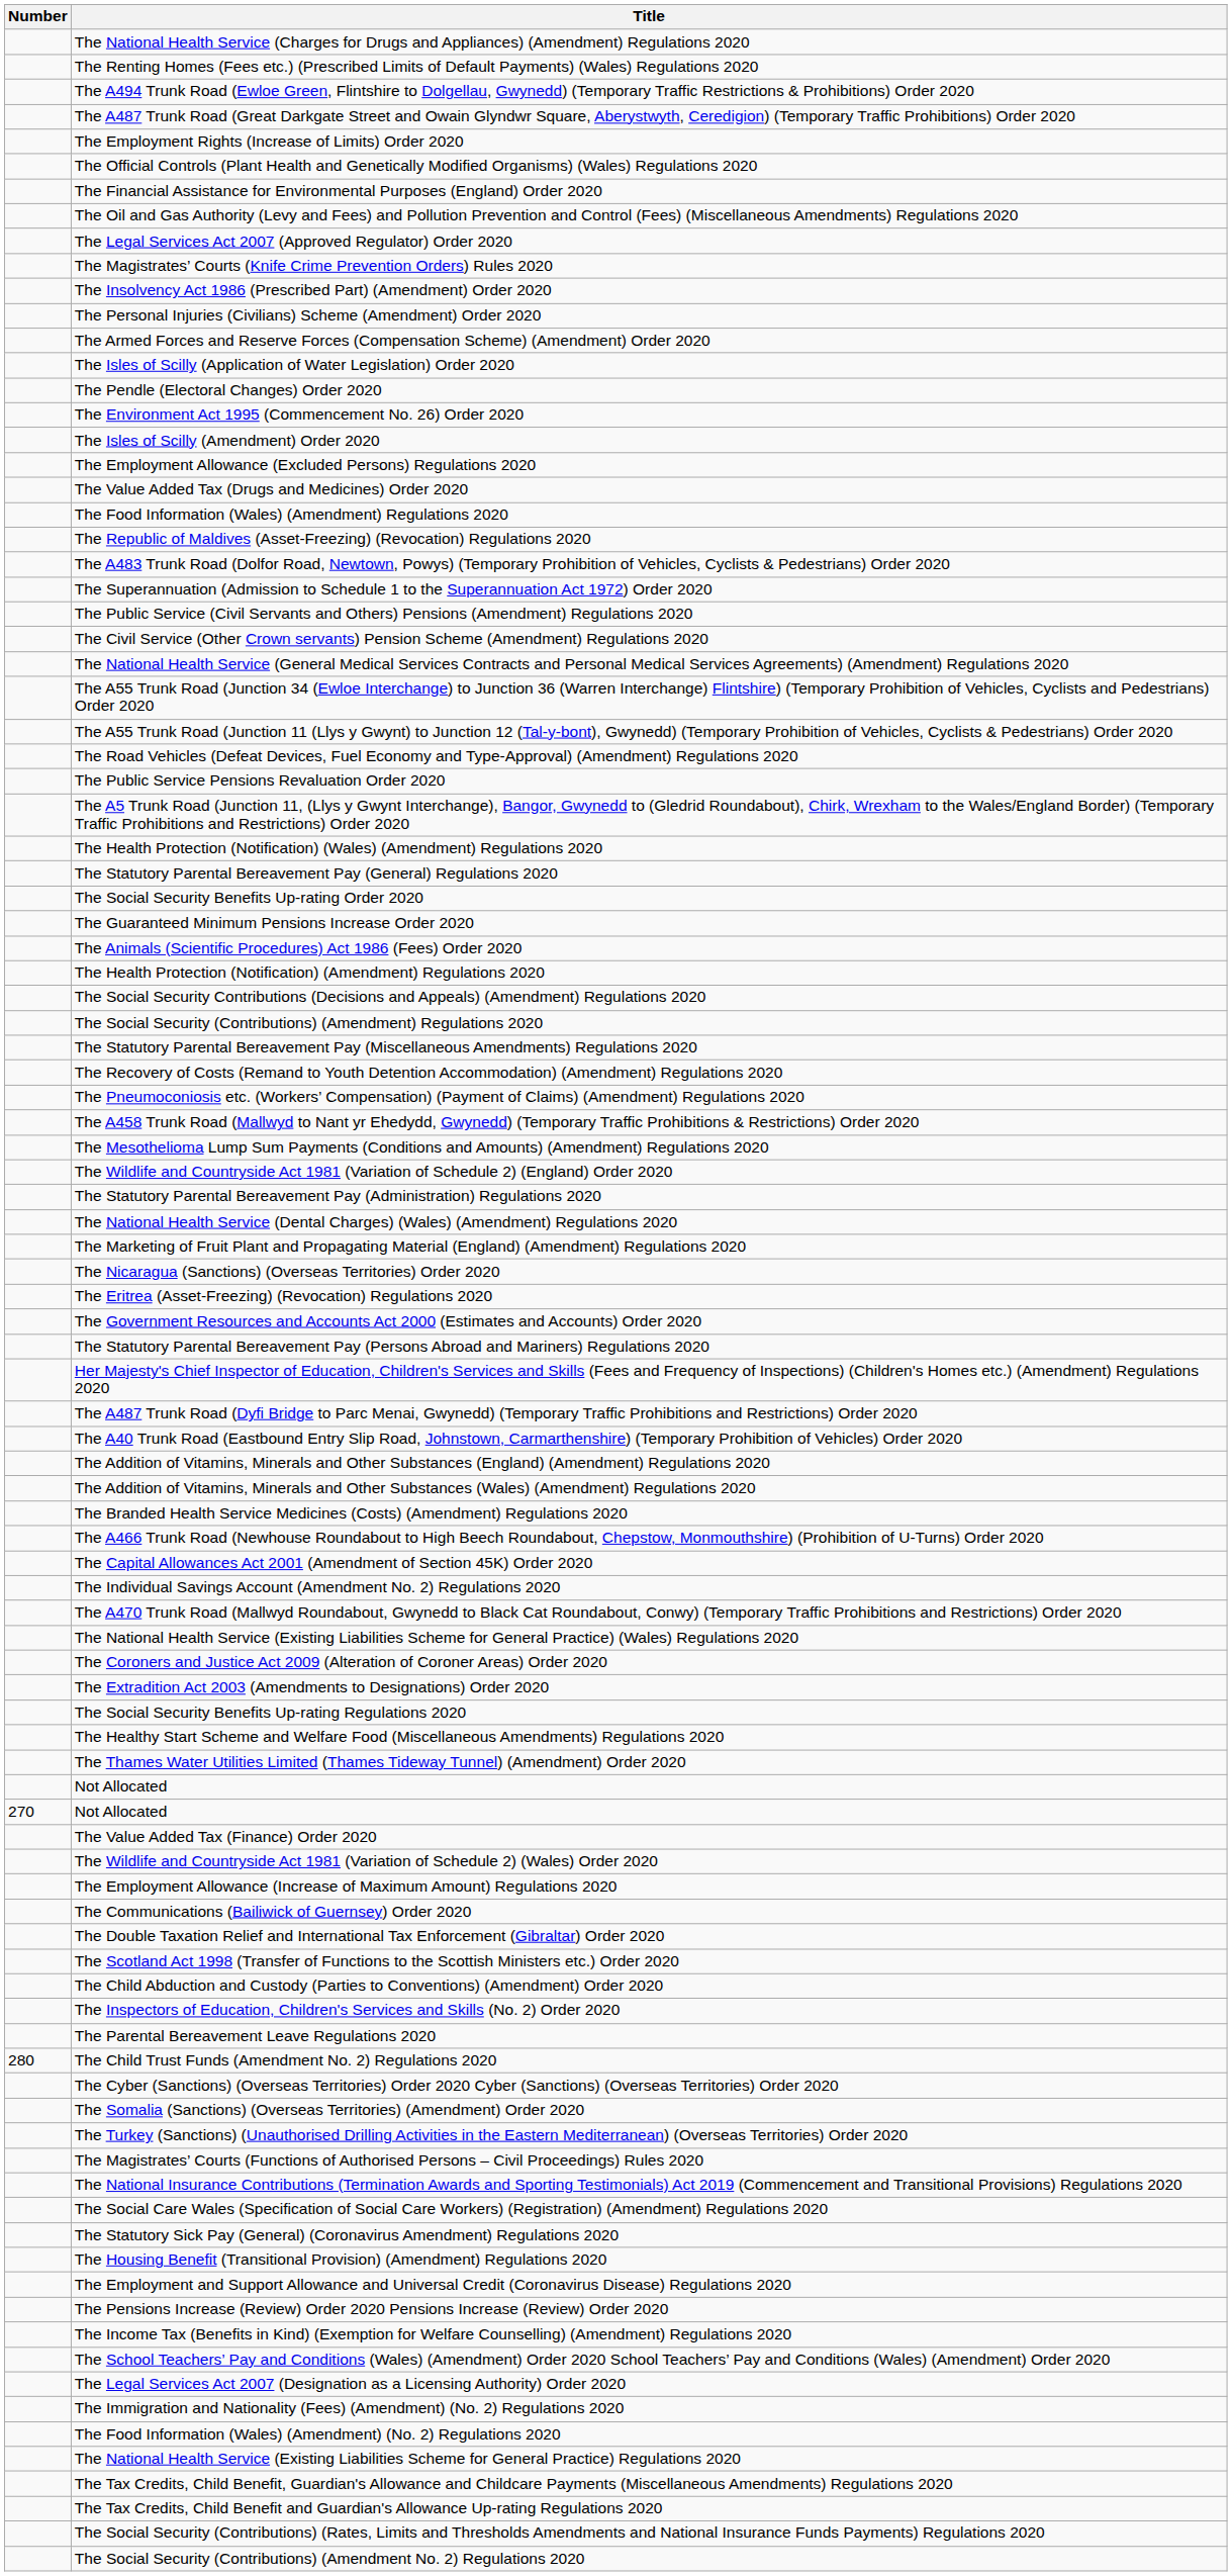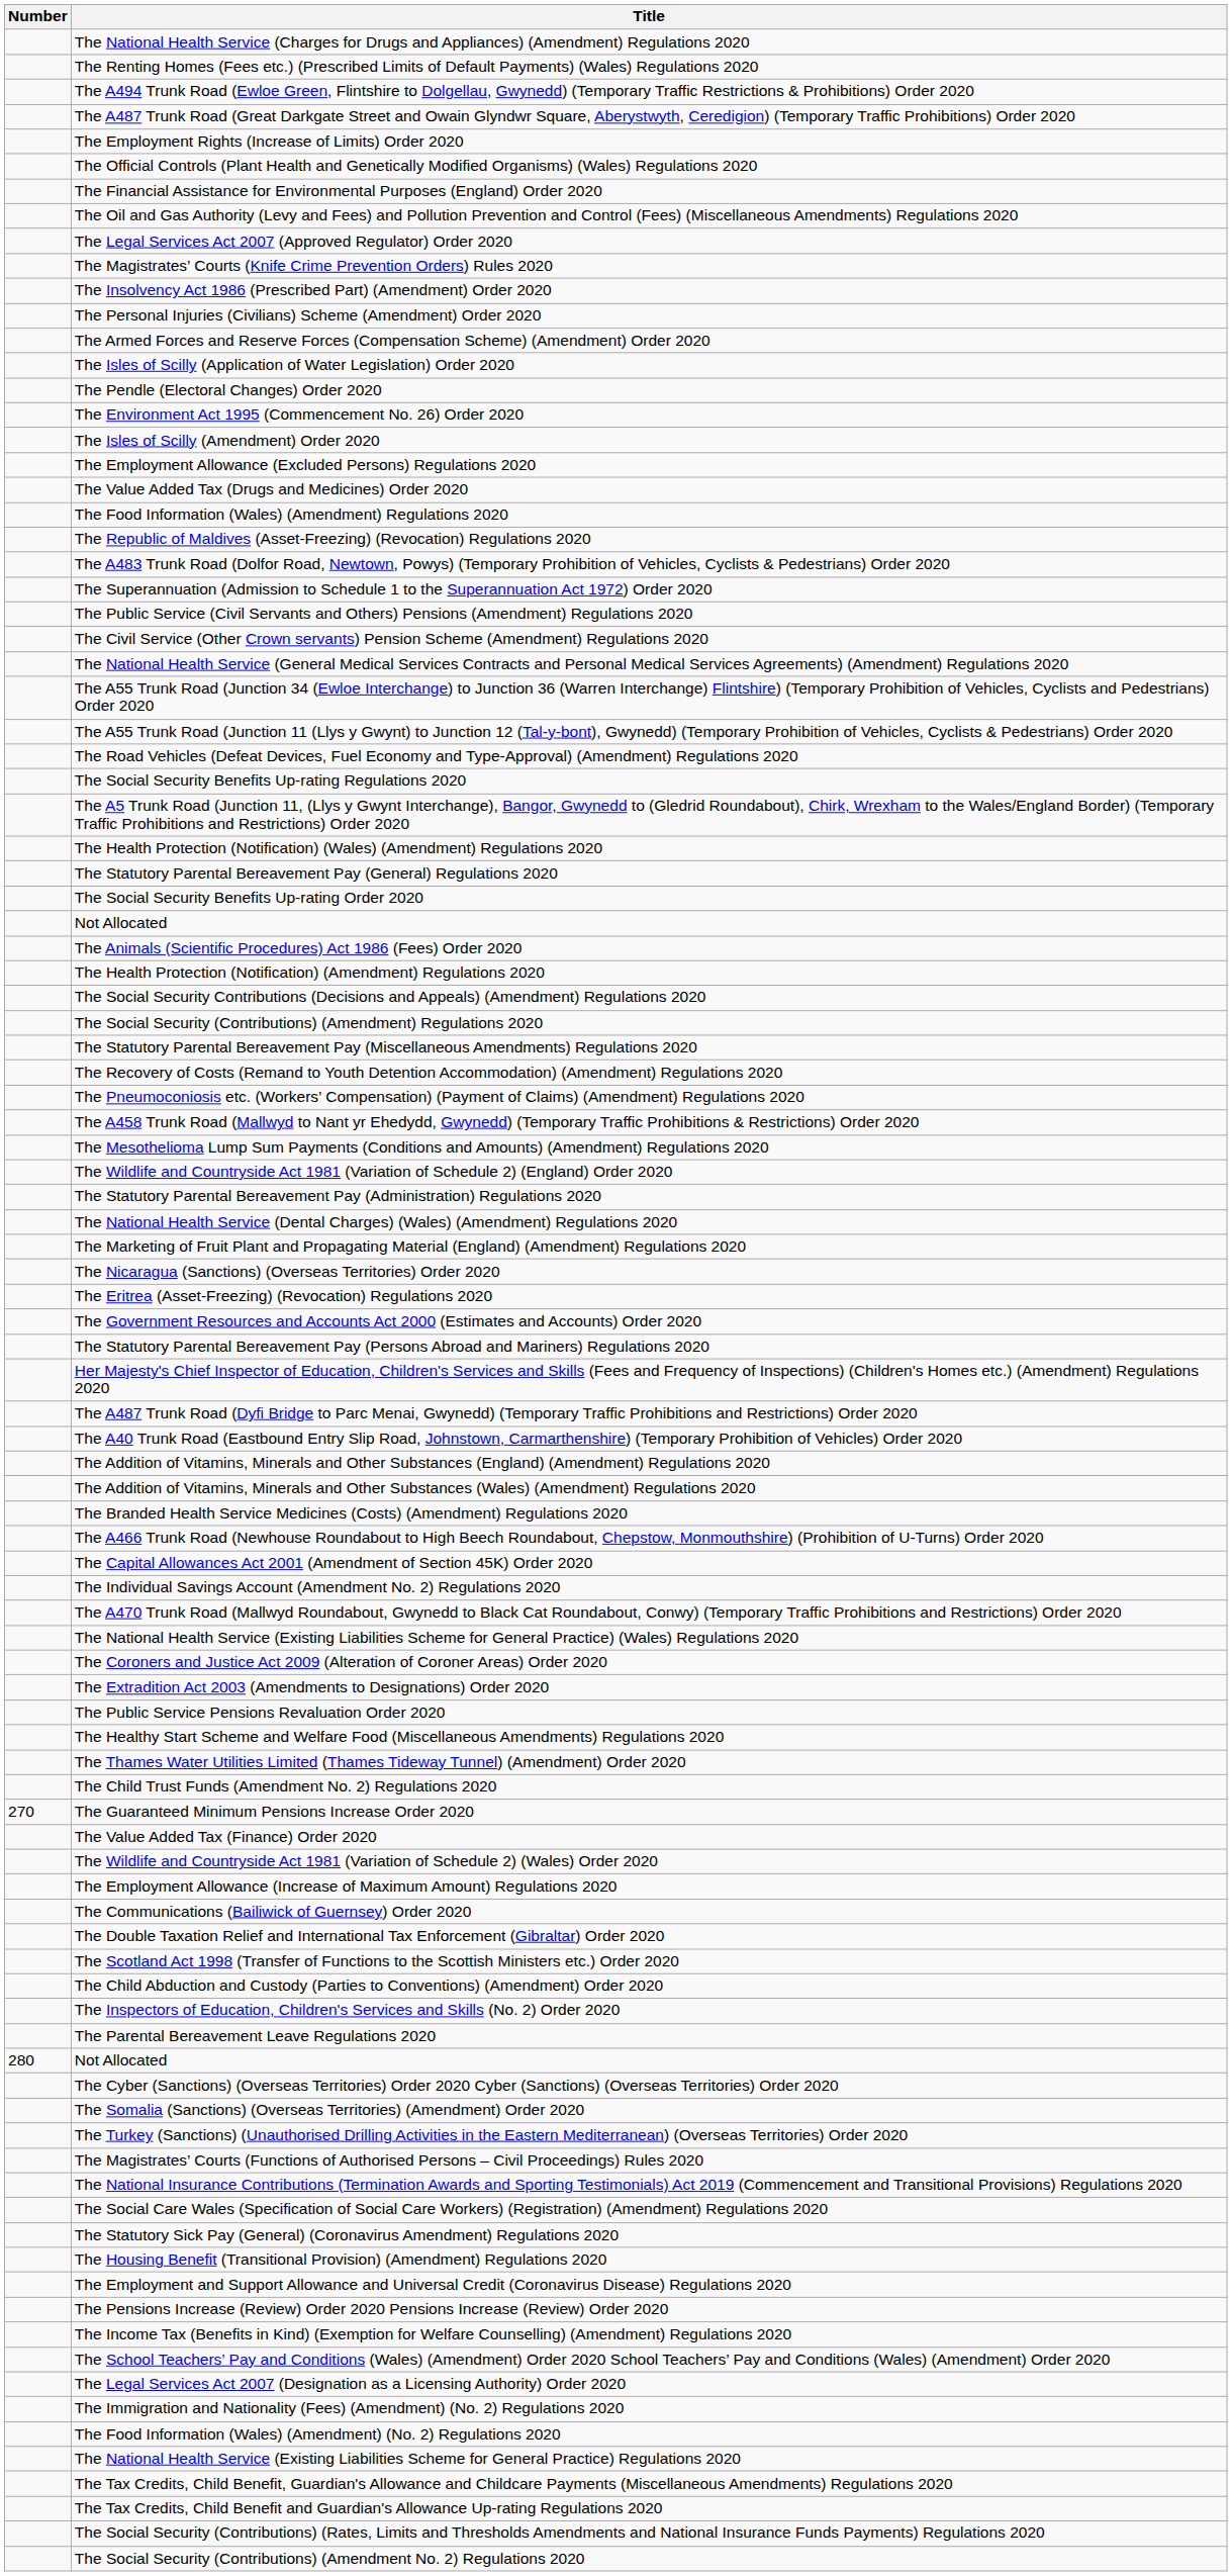 <table class="wikitable collapsible collapsed">
 <tr>
 <th>Number</th>
 <th>Title</th>
 </tr>
 <tr>
 <td></td>
 <td>The <a href='#'>National Health Service</a> (Charges for Drugs and Appliances) (Amendment) Regulations 2020</td>
 </tr>
 <tr>
 <td></td>
 <td>The Renting Homes (Fees etc.) (Prescribed Limits of Default Payments) (Wales) Regulations 2020</td>
 </tr>
 <tr>
 <td></td>
 <td>The <a href='#'>A494</a> Trunk Road (<a href='#'>Ewloe Green</a>, Flintshire to <a href='#'>Dolgellau</a>, <a href='#'>Gwynedd</a>) (Temporary Traffic Restrictions & Prohibitions) Order 2020</td>
 </tr>
 <tr>
 <td></td>
 <td>The <a href='#'>A487</a> Trunk Road (Great Darkgate Street and Owain Glyndwr Square, <a href='#'>Aberystwyth</a>, <a href='#'>Ceredigion</a>) (Temporary Traffic Prohibitions) Order 2020</td>
 </tr>
 <tr>
 <td></td>
 <td>The Employment Rights (Increase of Limits) Order 2020</td>
 </tr>
 <tr>
 <td></td>
 <td>The Official Controls (Plant Health and Genetically Modified Organisms) (Wales) Regulations 2020</td>
 </tr>
 <tr>
 <td></td>
 <td>The Financial Assistance for Environmental Purposes (England) Order 2020</td>
 </tr>
 <tr>
 <td></td>
 <td>The Oil and Gas Authority (Levy and Fees) and Pollution Prevention and Control (Fees) (Miscellaneous Amendments) Regulations 2020</td>
 </tr>
 <tr>
 <td></td>
 <td>The <a href='#'>Legal Services Act 2007</a> (Approved Regulator) Order 2020</td>
 </tr>
 <tr>
 <td></td>
 <td>The Magistrates’ Courts (<a href='#'>Knife Crime Prevention Orders</a>) Rules 2020</td>
 </tr>
 <tr>
 <td></td>
 <td>The <a href='#'>Insolvency Act 1986</a> (Prescribed Part) (Amendment) Order 2020</td>
 </tr>
 <tr>
 <td></td>
 <td>The Personal Injuries (Civilians) Scheme (Amendment) Order 2020</td>
 </tr>
 <tr>
 <td></td>
 <td>The Armed Forces and Reserve Forces (Compensation Scheme) (Amendment) Order 2020</td>
 </tr>
 <tr>
 <td></td>
 <td>The <a href='#'>Isles of Scilly</a> (Application of Water Legislation) Order 2020</td>
 </tr>
 <tr>
 <td></td>
 <td>The Pendle (Electoral Changes) Order 2020</td>
 </tr>
 <tr>
 <td></td>
 <td>The <a href='#'>Environment Act 1995</a> (Commencement No. 26) Order 2020</td>
 </tr>
 <tr>
 <td></td>
 <td>The <a href='#'>Isles of Scilly</a> (Amendment) Order 2020</td>
 </tr>
 <tr>
 <td></td>
 <td>The Employment Allowance (Excluded Persons) Regulations 2020</td>
 </tr>
 <tr>
 <td></td>
 <td>The Value Added Tax (Drugs and Medicines) Order 2020</td>
 </tr>
 <tr>
 <td></td>
 <td>The Food Information (Wales) (Amendment) Regulations 2020</td>
 </tr>
 <tr>
 <td></td>
 <td>The <a href='#'>Republic of Maldives</a> (Asset-Freezing) (Revocation) Regulations 2020</td>
 </tr>
 <tr>
 <td></td>
 <td>The <a href='#'>A483</a> Trunk Road (Dolfor Road, <a href='#'>Newtown</a>, Powys) (Temporary Prohibition of Vehicles, Cyclists & Pedestrians) Order 2020</td>
 </tr>
 <tr>
 <td></td>
 <td>The Superannuation (Admission to Schedule 1 to the <a href='#'>Superannuation Act 1972</a>) Order 2020</td>
 </tr>
 <tr>
 <td></td>
 <td>The Public Service (Civil Servants and Others) Pensions (Amendment) Regulations 2020</td>
 </tr>
 <tr>
 <td></td>
 <td>The Civil Service (Other <a href='#'>Crown servants</a>) Pension Scheme (Amendment) Regulations 2020</td>
 </tr>
 <tr>
 <td></td>
 <td>The <a href='#'>National Health Service</a> (General Medical Services Contracts and Personal Medical Services Agreements) (Amendment) Regulations 2020</td>
 </tr>
 <tr>
 <td></td>
 <td>The A55 Trunk Road (Junction 34 (<a href='#'>Ewloe Interchange</a>) to Junction 36 (Warren Interchange) <a href='#'>Flintshire</a>) (Temporary Prohibition of Vehicles, Cyclists and Pedestrians) Order 2020</td>
 </tr>
 <tr>
 <td></td>
 <td>The A55 Trunk Road (Junction 11 (Llys y Gwynt) to Junction 12 (<a href='#'>Tal-y-bont</a>), Gwynedd) (Temporary Prohibition of Vehicles, Cyclists & Pedestrians) Order 2020</td>
 </tr>
 <tr>
 <td></td>
 <td>The Road Vehicles (Defeat Devices, Fuel Economy and Type-Approval) (Amendment) Regulations 2020</td>
 </tr>
 <tr>
 <td></td>
-<td>The Public Service Pensions Revaluation Order 2020</td>
+<td>The Social Security Benefits Up-rating Regulations 2020</td>
 </tr>
 <tr>
 <td></td>
 <td>The <a href='#'>A5</a> Trunk Road (Junction 11, (Llys y Gwynt Interchange), <a href='#'>Bangor, Gwynedd</a> to (Gledrid Roundabout), <a href='#'>Chirk, Wrexham</a> to the Wales/England Border) (Temporary Traffic Prohibitions and Restrictions) Order 2020</td>
 </tr>
 <tr>
 <td></td>
 <td>The Health Protection (Notification) (Wales) (Amendment) Regulations 2020</td>
 </tr>
 <tr>
 <td></td>
 <td>The Statutory Parental Bereavement Pay (General) Regulations 2020</td>
 </tr>
 <tr>
 <td></td>
 <td>The Social Security Benefits Up-rating Order 2020</td>
 </tr>
 <tr>
 <td></td>
-<td>The Guaranteed Minimum Pensions Increase Order 2020</td>
+<td>Not Allocated</td>
 </tr>
 <tr>
 <td></td>
 <td>The <a href='#'>Animals (Scientific Procedures) Act 1986</a> (Fees) Order 2020</td>
 </tr>
 <tr>
 <td></td>
 <td>The Health Protection (Notification) (Amendment) Regulations 2020</td>
 </tr>
 <tr>
 <td></td>
 <td>The Social Security Contributions (Decisions and Appeals) (Amendment) Regulations 2020</td>
 </tr>
 <tr>
 <td></td>
 <td>The Social Security (Contributions) (Amendment) Regulations 2020</td>
 </tr>
 <tr>
 <td></td>
 <td>The Statutory Parental Bereavement Pay (Miscellaneous Amendments) Regulations 2020</td>
 </tr>
 <tr>
 <td></td>
 <td>The Recovery of Costs (Remand to Youth Detention Accommodation) (Amendment) Regulations 2020</td>
 </tr>
 <tr>
 <td></td>
 <td>The <a href='#'>Pneumoconiosis</a> etc. (Workers’ Compensation) (Payment of Claims) (Amendment) Regulations 2020</td>
 </tr>
 <tr>
 <td></td>
 <td>The <a href='#'>A458</a> Trunk Road (<a href='#'>Mallwyd</a> to Nant yr Ehedydd, <a href='#'>Gwynedd</a>) (Temporary Traffic Prohibitions & Restrictions) Order 2020</td>
 </tr>
 <tr>
 <td></td>
 <td>The <a href='#'>Mesothelioma</a> Lump Sum Payments (Conditions and Amounts) (Amendment) Regulations 2020</td>
 </tr>
 <tr>
 <td></td>
 <td>The <a href='#'>Wildlife and Countryside Act 1981</a> (Variation of Schedule 2) (England) Order 2020</td>
 </tr>
 <tr>
 <td></td>
 <td>The Statutory Parental Bereavement Pay (Administration) Regulations 2020</td>
 </tr>
 <tr>
 <td></td>
 <td>The <a href='#'>National Health Service</a> (Dental Charges) (Wales) (Amendment) Regulations 2020</td>
 </tr>
 <tr>
 <td></td>
 <td>The Marketing of Fruit Plant and Propagating Material (England) (Amendment) Regulations 2020</td>
 </tr>
 <tr>
 <td></td>
 <td>The <a href='#'>Nicaragua</a> (Sanctions) (Overseas Territories) Order 2020</td>
 </tr>
 <tr>
 <td></td>
 <td>The <a href='#'>Eritrea</a> (Asset-Freezing) (Revocation) Regulations 2020</td>
 </tr>
 <tr>
 <td></td>
 <td>The <a href='#'>Government Resources and Accounts Act 2000</a> (Estimates and Accounts) Order 2020</td>
 </tr>
 <tr>
 <td></td>
 <td>The Statutory Parental Bereavement Pay (Persons Abroad and Mariners) Regulations 2020</td>
 </tr>
 <tr>
 <td></td>
 <td><a href='#'>Her Majesty's Chief Inspector of Education, Children's Services and Skills</a> (Fees and Frequency of Inspections) (Children's Homes etc.) (Amendment) Regulations 2020</td>
 </tr>
 <tr>
 <td></td>
 <td>The <a href='#'>A487</a> Trunk Road (<a href='#'>Dyfi Bridge</a> to Parc Menai, Gwynedd) (Temporary Traffic Prohibitions and Restrictions) Order 2020</td>
 </tr>
 <tr>
 <td></td>
 <td>The <a href='#'>A40</a> Trunk Road (Eastbound Entry Slip Road, <a href='#'>Johnstown, Carmarthenshire</a>) (Temporary Prohibition of Vehicles) Order 2020</td>
 </tr>
 <tr>
 <td></td>
 <td>The Addition of Vitamins, Minerals and Other Substances (England) (Amendment) Regulations 2020</td>
 </tr>
 <tr>
 <td></td>
 <td>The Addition of Vitamins, Minerals and Other Substances (Wales) (Amendment) Regulations 2020</td>
 </tr>
 <tr>
 <td></td>
 <td>The Branded Health Service Medicines (Costs) (Amendment) Regulations 2020</td>
 </tr>
 <tr>
 <td></td>
 <td>The <a href='#'>A466</a> Trunk Road (Newhouse Roundabout to High Beech Roundabout, <a href='#'>Chepstow, Monmouthshire</a>) (Prohibition of U-Turns) Order 2020</td>
 </tr>
 <tr>
 <td></td>
 <td>The <a href='#'>Capital Allowances Act 2001</a> (Amendment of Section 45K) Order 2020</td>
 </tr>
 <tr>
 <td></td>
 <td>The Individual Savings Account (Amendment No. 2) Regulations 2020</td>
 </tr>
 <tr>
 <td></td>
 <td>The <a href='#'>A470</a> Trunk Road (Mallwyd Roundabout, Gwynedd to Black Cat Roundabout, Conwy) (Temporary Traffic Prohibitions and Restrictions) Order 2020</td>
 </tr>
 <tr>
 <td></td>
 <td>The National Health Service (Existing Liabilities Scheme for General Practice) (Wales) Regulations 2020</td>
 </tr>
 <tr>
 <td></td>
 <td>The <a href='#'>Coroners and Justice Act 2009</a> (Alteration of Coroner Areas) Order 2020</td>
 </tr>
 <tr>
 <td></td>
 <td>The <a href='#'>Extradition Act 2003</a> (Amendments to Designations) Order 2020</td>
 </tr>
 <tr>
 <td></td>
-<td>The Social Security Benefits Up-rating Regulations 2020</td>
+<td>The Public Service Pensions Revaluation Order 2020</td>
 </tr>
 <tr>
 <td></td>
 <td>The Healthy Start Scheme and Welfare Food (Miscellaneous Amendments) Regulations 2020</td>
 </tr>
 <tr>
 <td></td>
 <td>The <a href='#'>Thames Water Utilities Limited</a> (<a href='#'>Thames Tideway Tunnel</a>) (Amendment) Order 2020</td>
 </tr>
 <tr>
 <td></td>
-<td>Not Allocated</td>
+<td>The Child Trust Funds (Amendment No. 2) Regulations 2020</td>
 </tr>
 <tr>
 <td>270</td>
-<td>Not Allocated</td>
+<td>The Guaranteed Minimum Pensions Increase Order 2020</td>
 </tr>
 <tr>
 <td></td>
 <td>The Value Added Tax (Finance) Order 2020</td>
 </tr>
 <tr>
 <td></td>
 <td>The <a href='#'>Wildlife and Countryside Act 1981</a> (Variation of Schedule 2) (Wales) Order 2020</td>
 </tr>
 <tr>
 <td></td>
 <td>The Employment Allowance (Increase of Maximum Amount) Regulations 2020</td>
 </tr>
 <tr>
 <td></td>
 <td>The Communications (<a href='#'>Bailiwick of Guernsey</a>) Order 2020</td>
 </tr>
 <tr>
 <td></td>
 <td>The Double Taxation Relief and International Tax Enforcement (<a href='#'>Gibraltar</a>) Order 2020</td>
 </tr>
 <tr>
 <td></td>
 <td>The <a href='#'>Scotland Act 1998</a> (Transfer of Functions to the Scottish Ministers etc.) Order 2020</td>
 </tr>
 <tr>
 <td></td>
 <td>The Child Abduction and Custody (Parties to Conventions) (Amendment) Order 2020</td>
 </tr>
 <tr>
 <td></td>
 <td>The <a href='#'>Inspectors of Education, Children's Services and Skills</a> (No. 2) Order 2020</td>
 </tr>
 <tr>
 <td></td>
 <td>The Parental Bereavement Leave Regulations 2020</td>
 </tr>
 <tr>
 <td>280</td>
-<td>The Child Trust Funds (Amendment No. 2) Regulations 2020</td>
+<td>Not Allocated</td>
 </tr>
 <tr>
 <td></td>
 <td>The Cyber (Sanctions) (Overseas Territories) Order 2020 Cyber (Sanctions) (Overseas Territories) Order 2020</td>
 </tr>
 <tr>
 <td></td>
 <td>The <a href='#'>Somalia</a> (Sanctions) (Overseas Territories) (Amendment) Order 2020</td>
 </tr>
 <tr>
 <td></td>
 <td>The <a href='#'>Turkey</a> (Sanctions) (<a href='#'>Unauthorised Drilling Activities in the Eastern Mediterranean</a>) (Overseas Territories) Order 2020</td>
 </tr>
 <tr>
 <td></td>
 <td>The Magistrates’ Courts (Functions of Authorised Persons – Civil Proceedings) Rules 2020</td>
 </tr>
 <tr>
 <td></td>
 <td>The <a href='#'>National Insurance Contributions (Termination Awards and Sporting Testimonials) Act 2019</a> (Commencement and Transitional Provisions) Regulations 2020</td>
 </tr>
 <tr>
 <td></td>
 <td>The Social Care Wales (Specification of Social Care Workers) (Registration) (Amendment) Regulations 2020</td>
 </tr>
 <tr>
 <td></td>
 <td>The Statutory Sick Pay (General) (Coronavirus Amendment) Regulations 2020</td>
 </tr>
 <tr>
 <td></td>
 <td>The <a href='#'>Housing Benefit</a> (Transitional Provision) (Amendment) Regulations 2020</td>
 </tr>
 <tr>
 <td></td>
 <td>The Employment and Support Allowance and Universal Credit (Coronavirus Disease) Regulations 2020</td>
 </tr>
 <tr>
 <td></td>
 <td>The Pensions Increase (Review) Order 2020 Pensions Increase (Review) Order 2020</td>
 </tr>
 <tr>
 <td></td>
 <td>The Income Tax (Benefits in Kind) (Exemption for Welfare Counselling) (Amendment) Regulations 2020</td>
 </tr>
 <tr>
 <td></td>
 <td>The <a href='#'>School Teachers’ Pay and Conditions</a> (Wales) (Amendment) Order 2020 School Teachers’ Pay and Conditions (Wales) (Amendment) Order 2020</td>
 </tr>
 <tr>
 <td></td>
 <td>The <a href='#'>Legal Services Act 2007</a> (Designation as a Licensing Authority) Order 2020</td>
 </tr>
 <tr>
 <td></td>
 <td>The Immigration and Nationality (Fees) (Amendment) (No. 2) Regulations 2020</td>
 </tr>
 <tr>
 <td></td>
 <td>The Food Information (Wales) (Amendment) (No. 2) Regulations 2020</td>
 </tr>
 <tr>
 <td></td>
 <td>The <a href='#'>National Health Service</a> (Existing Liabilities Scheme for General Practice) Regulations 2020</td>
 </tr>
 <tr>
 <td></td>
 <td>The Tax Credits, Child Benefit, Guardian's Allowance and Childcare Payments (Miscellaneous Amendments) Regulations 2020</td>
 </tr>
 <tr>
 <td></td>
 <td>The Tax Credits, Child Benefit and Guardian's Allowance Up-rating Regulations 2020</td>
 </tr>
 <tr>
 <td></td>
 <td>The Social Security (Contributions) (Rates, Limits and Thresholds Amendments and National Insurance Funds Payments) Regulations 2020</td>
 </tr>
 <tr>
 <td></td>
 <td>The Social Security (Contributions) (Amendment No. 2) Regulations 2020</td>
 </tr>
 </table>
